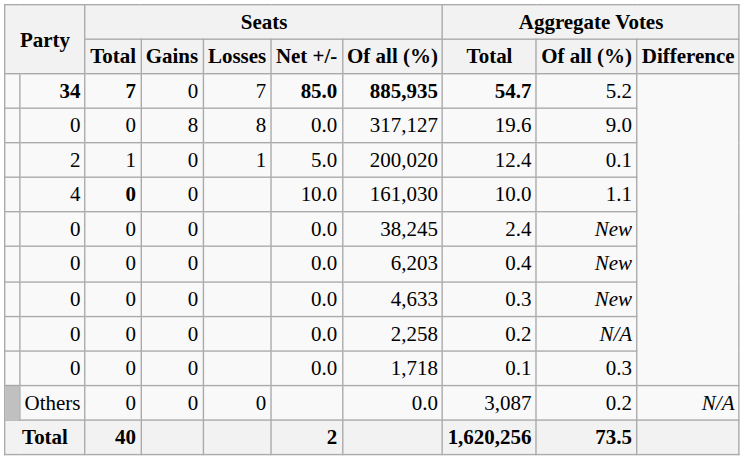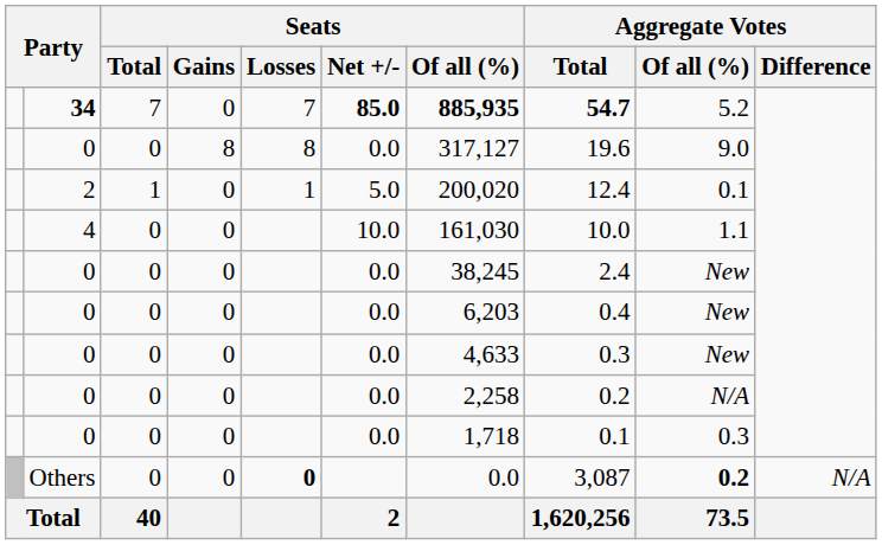 <table class="wikitable sortable" style="text-align:right; font-size:95%;">
 <tr>
 <th colspan="2" rowspan="2">Party</th>
 <th colspan="5">Seats</th>
 <th colspan="3">Aggregate Votes</th>
 </tr>
 <tr>
 <th>Total</th>
 <th>Gains</th>
 <th>Losses</th>
 <th>Net +/-</th>
 <th>Of all (%)</th>
 <th>Total</th>
 <th>Of all (%)</th>
 <th>Difference</th>
 </tr>
 <tr>
 <td></td>
 <td align="right"><strong>34</strong></td>
-<td align="right"><strong>7</strong></td>
+<td align="right">7</td>
 <td align="right">0</td>
 <td align="right">7</td>
 <td align="right"><strong>85.0</strong></td>
 <td align="right"><strong>885,935</strong></td>
 <td align="right"><strong>54.7</strong></td>
 <td align="right">5.2</td>
 </tr>
 <tr>
 <td></td>
 <td align="right">0</td>
 <td align="right">0</td>
 <td align="right">8</td>
 <td align="right">8</td>
 <td align="right">0.0</td>
 <td align="right">317,127</td>
 <td align="right">19.6</td>
 <td align="right">9.0</td>
 </tr>
 <tr>
 <td></td>
 <td align="right">2</td>
 <td align="right">1</td>
 <td align="right">0</td>
 <td align="right">1</td>
 <td align="right">5.0</td>
 <td align="right">200,020</td>
 <td align="right">12.4</td>
 <td align="right">0.1</td>
 </tr>
 <tr>
 <td></td>
 <td align="right">4</td>
-<td align="right"><strong>0</strong></td>
+<td align="right">0</td>
 <td align="right">0</td>
 <td align="right"></td>
 <td align="right">10.0</td>
 <td align="right">161,030</td>
 <td align="right">10.0</td>
 <td align="right">1.1</td>
 </tr>
 <tr>
 <td></td>
 <td align="right">0</td>
 <td align="right">0</td>
 <td align="right">0</td>
 <td align="right"></td>
 <td align="right">0.0</td>
 <td align="right">38,245</td>
 <td align="right">2.4</td>
 <td align="right"><em>New</em></td>
 </tr>
 <tr>
 <td></td>
 <td align="right">0</td>
 <td align="right">0</td>
 <td align="right">0</td>
 <td align="right"></td>
 <td align="right">0.0</td>
 <td align="right">6,203</td>
 <td align="right">0.4</td>
 <td align="right"><em>New</em></td>
 </tr>
 <tr>
 <td></td>
 <td align="right">0</td>
 <td align="right">0</td>
 <td align="right">0</td>
 <td align="right"></td>
 <td align="right">0.0</td>
 <td align="right">4,633</td>
 <td align="right">0.3</td>
 <td align="right"><em>New</em></td>
 </tr>
 <tr>
 <td></td>
 <td align="right">0</td>
 <td align="right">0</td>
 <td align="right">0</td>
 <td align="right"></td>
 <td align="right">0.0</td>
 <td align="right">2,258</td>
 <td align="right">0.2</td>
 <td align="right"><em>N/A</em></td>
 </tr>
 <tr>
 <td></td>
 <td align="right">0</td>
 <td align="right">0</td>
 <td align="right">0</td>
 <td align="right"></td>
 <td align="right">0.0</td>
 <td align="right">1,718</td>
 <td align="right">0.1</td>
 <td align="right">0.3</td>
 </tr>
 <tr>
 <td style="background:silver;"> </td>
 <td align=left>Others</td>
 <td>0</td>
 <td>0</td>
-<td>0</td>
+<td><strong>0</strong></td>
 <td></td>
 <td>0.0</td>
 <td>3,087</td>
-<td>0.2</td>
+<td><strong>0.2</strong></td>
 <td><em>N/A</em></td>
 </tr>
 <tr class="sortbottom">
 <th colspan="2" style="background:#f2f2f2"><strong>Total</strong></th>
 <td style="background:#f2f2f2;"><strong>40</strong></td>
 <td style="background:#f2f2f2;"></td>
 <td style="background:#f2f2f2;"></td>
 <td style="background:#f2f2f2;"><strong>2</strong></td>
 <td style="background:#f2f2f2;"></td>
 <td style="background:#f2f2f2;"><strong>1,620,256</strong></td>
 <td style="background:#f2f2f2;"><strong>73.5</strong></td>
 <td style="background:#f2f2f2;"></td>
 </tr>
 </table>
